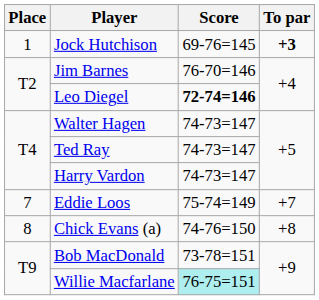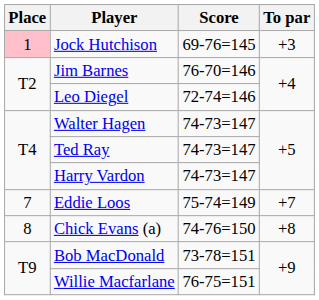 <table class=wikitable>
 <tr>
 <th>Place</th>
 <th>Player</th>
 <th>Score</th>
 <th>To par</th>
 </tr>
 <tr>
-<td align=center>1</td>
+<td align=center style="background: pink;">1</td>
 <td> <a href='#'>Jock Hutchison</a></td>
 <td>69-76=145</td>
-<td align=center><strong>+3</strong></td>
+<td align=center>+3</td>
 </tr>
 <tr>
 <td rowspan=2 align=center>T2</td>
 <td> <a href='#'>Jim Barnes</a></td>
 <td>76-70=146</td>
 <td rowspan=2 align=center>+4</td>
 </tr>
 <tr>
 <td> <a href='#'>Leo Diegel</a></td>
-<td><strong>72-74=146</strong></td>
+<td>72-74=146</td>
 </tr>
 <tr>
 <td rowspan=3 align=center>T4</td>
 <td> <a href='#'>Walter Hagen</a></td>
 <td>74-73=147</td>
 <td rowspan=3 align=center>+5</td>
 </tr>
 <tr>
 <td> <a href='#'>Ted Ray</a></td>
 <td>74-73=147</td>
 </tr>
 <tr>
 <td> <a href='#'>Harry Vardon</a></td>
 <td>74-73=147</td>
 </tr>
 <tr>
 <td align=center>7</td>
 <td> <a href='#'>Eddie Loos</a></td>
 <td>75-74=149</td>
 <td align=center>+7</td>
 </tr>
 <tr>
 <td align=center>8</td>
 <td> <a href='#'>Chick Evans</a> (a)</td>
 <td>74-76=150</td>
 <td align=center>+8</td>
 </tr>
 <tr>
 <td rowspan=2 align=center>T9</td>
 <td> <a href='#'>Bob MacDonald</a></td>
 <td>73-78=151</td>
 <td rowspan=2 align=center>+9</td>
 </tr>
 <tr>
 <td> <a href='#'>Willie Macfarlane</a></td>
-<td style="background: paleturquoise;">76-75=151</td>
+<td>76-75=151</td>
 </tr>
 </table>
